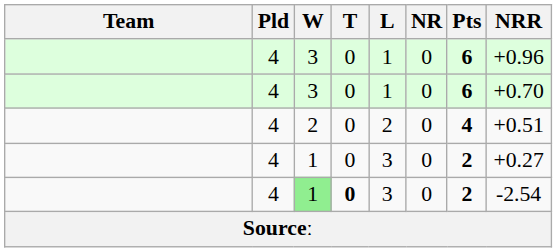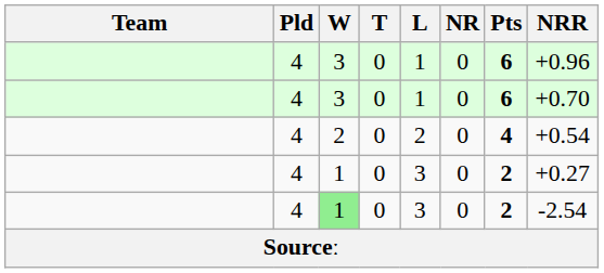 <table class="wikitable" style="text-align:center;">
 <tr>
 <th width="175">Team</th>
 <th abbr="Played" width="20">Pld</th>
 <th abbr="Won" width="20">W</th>
 <th abbr="Tied" width="20">T</th>
 <th abbr="Lost" width="20">L</th>
 <th abbr="No result" width="20">NR</th>
 <th abbr="Points" width="20">Pts</th>
 <th abbr="Net run rate" width="40">NRR</th>
 </tr>
 <tr bgcolor="#ddffdd">
 <td align="left"></td>
 <td>4</td>
 <td>3</td>
 <td>0</td>
 <td>1</td>
 <td>0</td>
 <td><strong>6</strong></td>
 <td>+0.96</td>
 </tr>
 <tr bgcolor="#ddffdd">
 <td align="left"></td>
 <td>4</td>
 <td>3</td>
 <td>0</td>
 <td>1</td>
 <td>0</td>
 <td><strong>6</strong></td>
 <td>+0.70</td>
 </tr>
 <tr>
 <td align="left"></td>
 <td>4</td>
 <td>2</td>
 <td>0</td>
 <td>2</td>
 <td>0</td>
 <td><strong>4</strong></td>
-<td>+0.51</td>
+<td>+0.54</td>
 </tr>
 <tr>
 <td align="left"></td>
 <td>4</td>
 <td>1</td>
 <td>0</td>
 <td>3</td>
 <td>0</td>
 <td><strong>2</strong></td>
 <td>+0.27</td>
 </tr>
 <tr>
 <td align="left"></td>
 <td>4</td>
 <td style="background: lightgreen;">1</td>
-<td><strong>0</strong></td>
+<td>0</td>
 <td>3</td>
 <td>0</td>
 <td><strong>2</strong></td>
 <td>-2.54</td>
 </tr>
 <tr>
 <th colspan="8">Sourceː</th>
 </tr>
 </table>
